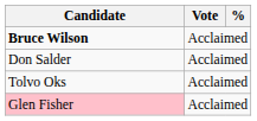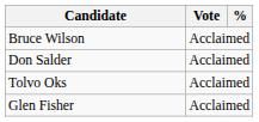 <table class="wikitable">
 <tr>
 <th bgcolor="#DDDDFF" width="200px">Candidate</th>
 <th bgcolor="#DDDDFF">Vote</th>
 <th bgcolor="#DDDDFF">%</th>
 </tr>
 <tr>
-<td><strong>Bruce Wilson</strong></td>
+<td>Bruce Wilson</td>
 <td colspan="2">Acclaimed</td>
 </tr>
 <tr>
 <td>Don Salder</td>
 <td colspan="2">Acclaimed</td>
 </tr>
 <tr>
 <td>Tolvo Oks</td>
 <td colspan="2">Acclaimed</td>
 </tr>
 <tr>
-<td style="background: pink;">Glen Fisher</td>
+<td>Glen Fisher</td>
 <td colspan="2">Acclaimed</td>
 </tr>
 </table>
